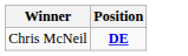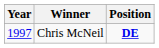 <table class="wikitable sortable" style="text-align:center">
 <tr>
+<th>Year</th>
 <th>Winner</th>
 <th>Position</th>
 </tr>
 <tr>
+<td><a href='#'>1997</a></td>
 <td>Chris McNeil</td>
 <td><strong><a href='#'>DE</a></strong></td>
 </tr>
 </table>
